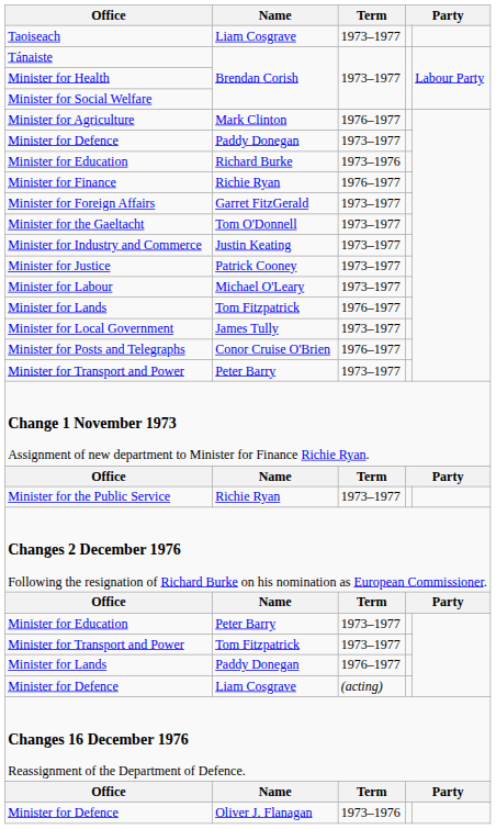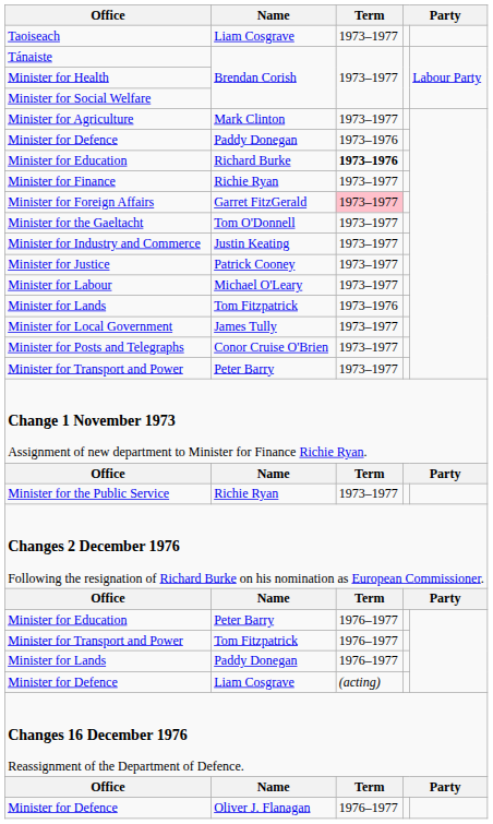 <table class="wikitable">
 <tr>
 <th>Office</th>
 <th>Name</th>
 <th>Term</th>
 <th colspan="2">Party</th>
 </tr>
 <tr>
 <td><a href='#'>Taoiseach</a></td>
 <td><a href='#'>Liam Cosgrave</a></td>
 <td>1973–1977</td>
 <td></td>
 </tr>
 <tr>
 <td><a href='#'>Tánaiste</a></td>
 <td rowspan=3><a href='#'>Brendan Corish</a></td>
 <td rowspan=3>1973–1977</td>
 <td rowspan=3 style="background-color: "></td>
 <td rowspan=3><a href='#'>Labour Party</a></td>
 </tr>
 <tr>
 <td><a href='#'>Minister for Health</a></td>
 </tr>
 <tr>
 <td><a href='#'>Minister for Social Welfare</a></td>
 </tr>
 <tr>
 <td><a href='#'>Minister for Agriculture</a></td>
 <td><a href='#'>Mark Clinton</a></td>
-<td>1976–1977</td>
+<td>1973–1977</td>
 <td></td>
 </tr>
 <tr>
 <td><a href='#'>Minister for Defence</a></td>
 <td><a href='#'>Paddy Donegan</a></td>
-<td>1973–1977</td>
+<td>1973–1976</td>
 <td></td>
 </tr>
 <tr>
 <td><a href='#'>Minister for Education</a></td>
 <td><a href='#'>Richard Burke</a></td>
-<td>1973–1976</td>
+<td><strong>1973–1976</strong></td>
 <td></td>
 </tr>
 <tr>
 <td><a href='#'>Minister for Finance</a></td>
 <td><a href='#'>Richie Ryan</a></td>
-<td>1976–1977</td>
+<td>1973–1977</td>
 <td></td>
 </tr>
 <tr>
 <td><a href='#'>Minister for Foreign Affairs</a></td>
 <td><a href='#'>Garret FitzGerald</a></td>
-<td>1973–1977</td>
+<td style="background: pink;">1973–1977</td>
 <td></td>
 </tr>
 <tr>
 <td><a href='#'>Minister for the Gaeltacht</a></td>
 <td><a href='#'>Tom O'Donnell</a></td>
 <td>1973–1977</td>
 <td></td>
 </tr>
 <tr>
 <td><a href='#'>Minister for Industry and Commerce</a></td>
 <td><a href='#'>Justin Keating</a></td>
 <td>1973–1977</td>
 <td></td>
 </tr>
 <tr>
 <td><a href='#'>Minister for Justice</a></td>
 <td><a href='#'>Patrick Cooney</a></td>
 <td>1973–1977</td>
 <td></td>
 </tr>
 <tr>
 <td><a href='#'>Minister for Labour</a></td>
 <td><a href='#'>Michael O'Leary</a></td>
 <td>1973–1977</td>
 <td></td>
 </tr>
 <tr>
 <td><a href='#'>Minister for Lands</a></td>
 <td><a href='#'>Tom Fitzpatrick</a></td>
-<td>1976–1977</td>
+<td>1973–1976</td>
 <td></td>
 </tr>
 <tr>
 <td><a href='#'>Minister for Local Government</a></td>
 <td><a href='#'>James Tully</a></td>
 <td>1973–1977</td>
 <td></td>
 </tr>
 <tr>
 <td><a href='#'>Minister for Posts and Telegraphs</a></td>
 <td><a href='#'>Conor Cruise O'Brien</a></td>
-<td>1976–1977</td>
+<td>1973–1977</td>
 <td></td>
 </tr>
 <tr>
 <td><a href='#'>Minister for Transport and Power</a></td>
 <td><a href='#'>Peter Barry</a></td>
 <td>1973–1977</td>
 <td></td>
 </tr>
 <tr>
 <td colspan="5"><br><h3>Change 1 November 1973</h3>Assignment of new department to Minister for Finance <a href='#'>Richie Ryan</a>.</td>
 </tr>
 <tr>
 <th>Office</th>
 <th>Name</th>
 <th>Term</th>
 <th colspan="2">Party</th>
 </tr>
 <tr>
 <td><a href='#'>Minister for the Public Service</a></td>
 <td><a href='#'>Richie Ryan</a></td>
 <td>1973–1977</td>
 <td></td>
 </tr>
 <tr>
 <td colspan="5"><br><h3>Changes 2 December 1976</h3>Following the resignation of <a href='#'>Richard Burke</a> on his nomination as <a href='#'>European Commissioner</a>.</td>
 </tr>
 <tr>
 <th>Office</th>
 <th>Name</th>
 <th>Term</th>
 <th colspan="2">Party</th>
 </tr>
 <tr>
 <td><a href='#'>Minister for Education</a></td>
 <td><a href='#'>Peter Barry</a></td>
-<td>1973–1977</td>
+<td>1976–1977</td>
 <td></td>
 </tr>
 <tr>
 <td><a href='#'>Minister for Transport and Power</a></td>
 <td><a href='#'>Tom Fitzpatrick</a></td>
-<td>1973–1977</td>
+<td>1976–1977</td>
 <td></td>
 </tr>
 <tr>
 <td><a href='#'>Minister for Lands</a></td>
 <td><a href='#'>Paddy Donegan</a></td>
 <td>1976–1977</td>
 <td></td>
 </tr>
 <tr>
 <td><a href='#'>Minister for Defence</a></td>
 <td><a href='#'>Liam Cosgrave</a></td>
 <td><em>(acting)</em></td>
 <td></td>
 </tr>
 <tr>
 <td colspan="5"><br><h3>Changes 16 December 1976</h3>Reassignment of the Department of Defence.</td>
 </tr>
 <tr>
 <th>Office</th>
 <th>Name</th>
 <th>Term</th>
 <th colspan="2">Party</th>
 </tr>
 <tr>
 <td><a href='#'>Minister for Defence</a></td>
 <td><a href='#'>Oliver J. Flanagan</a></td>
-<td>1973–1976</td>
+<td>1976–1977</td>
 <td></td>
 </tr>
 </table>
